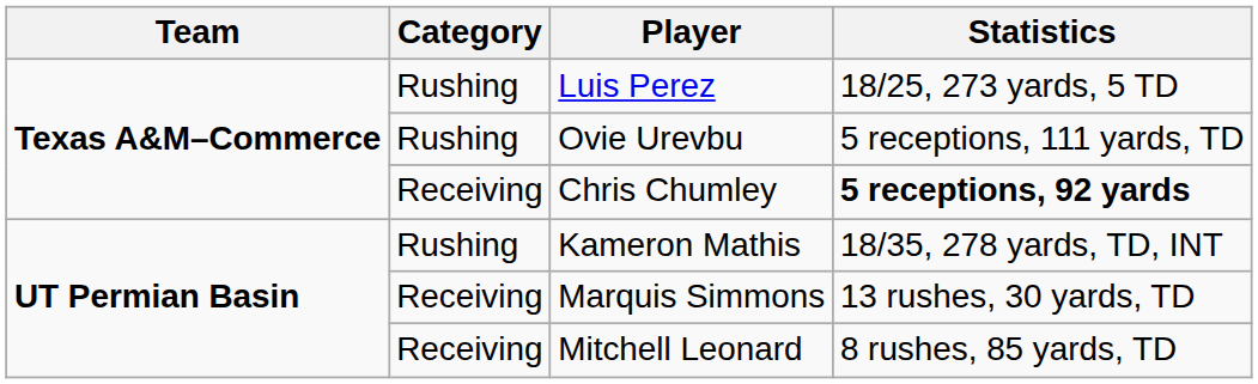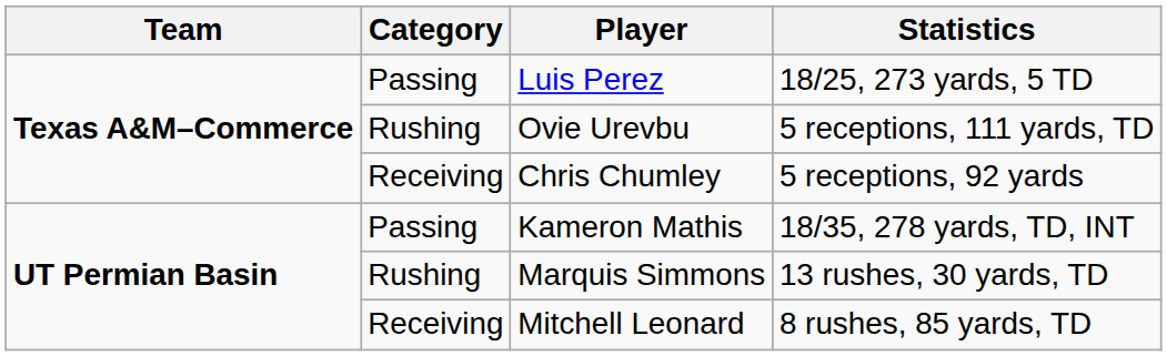 <table class="wikitable" style="float: right;">
 <tr>
 <th>Team</th>
 <th>Category</th>
 <th>Player</th>
 <th>Statistics</th>
 </tr>
 <tr>
 <td rowspan=3><strong>Texas A&M–Commerce</strong></td>
-<td>Rushing</td>
+<td>Passing</td>
 <td><a href='#'>Luis Perez</a></td>
 <td>18/25, 273 yards, 5 TD</td>
 </tr>
 <tr>
 <td>Rushing</td>
 <td>Ovie Urevbu</td>
 <td>5 receptions, 111 yards, TD</td>
 </tr>
 <tr>
 <td>Receiving</td>
 <td>Chris Chumley</td>
-<td><strong>5 receptions, 92 yards</strong></td>
+<td>5 receptions, 92 yards</td>
 </tr>
 <tr>
 <td rowspan=3><strong>UT Permian Basin</strong></td>
-<td>Rushing</td>
+<td>Passing</td>
 <td>Kameron Mathis</td>
 <td>18/35, 278 yards, TD, INT</td>
 </tr>
 <tr>
-<td>Receiving</td>
+<td>Rushing</td>
 <td>Marquis Simmons</td>
 <td>13 rushes, 30 yards, TD</td>
 </tr>
 <tr>
 <td>Receiving</td>
 <td>Mitchell Leonard</td>
 <td>8 rushes, 85 yards, TD</td>
 </tr>
 </table>
